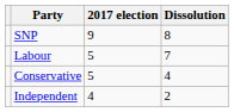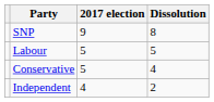 <table class="wikitable">
 <tr>
 <th></th>
 <th scope="col">Party</th>
 <th scope="col">2017 election</th>
 <th scope="col">Dissolution</th>
 </tr>
 <tr>
 <td style="background-color: "></td>
 <td><a href='#'>SNP</a></td>
 <td>9</td>
 <td>8</td>
 </tr>
 <tr>
 <td style="background-color: "></td>
 <td><a href='#'>Labour</a></td>
 <td>5</td>
-<td>7</td>
+<td>5</td>
 </tr>
 <tr>
 <td style="background-color: "></td>
 <td><a href='#'>Conservative</a></td>
 <td>5</td>
 <td>4</td>
 </tr>
 <tr>
 <td style="background-color: "></td>
 <td><a href='#'>Independent</a></td>
 <td>4</td>
 <td>2</td>
 </tr>
 </table>
